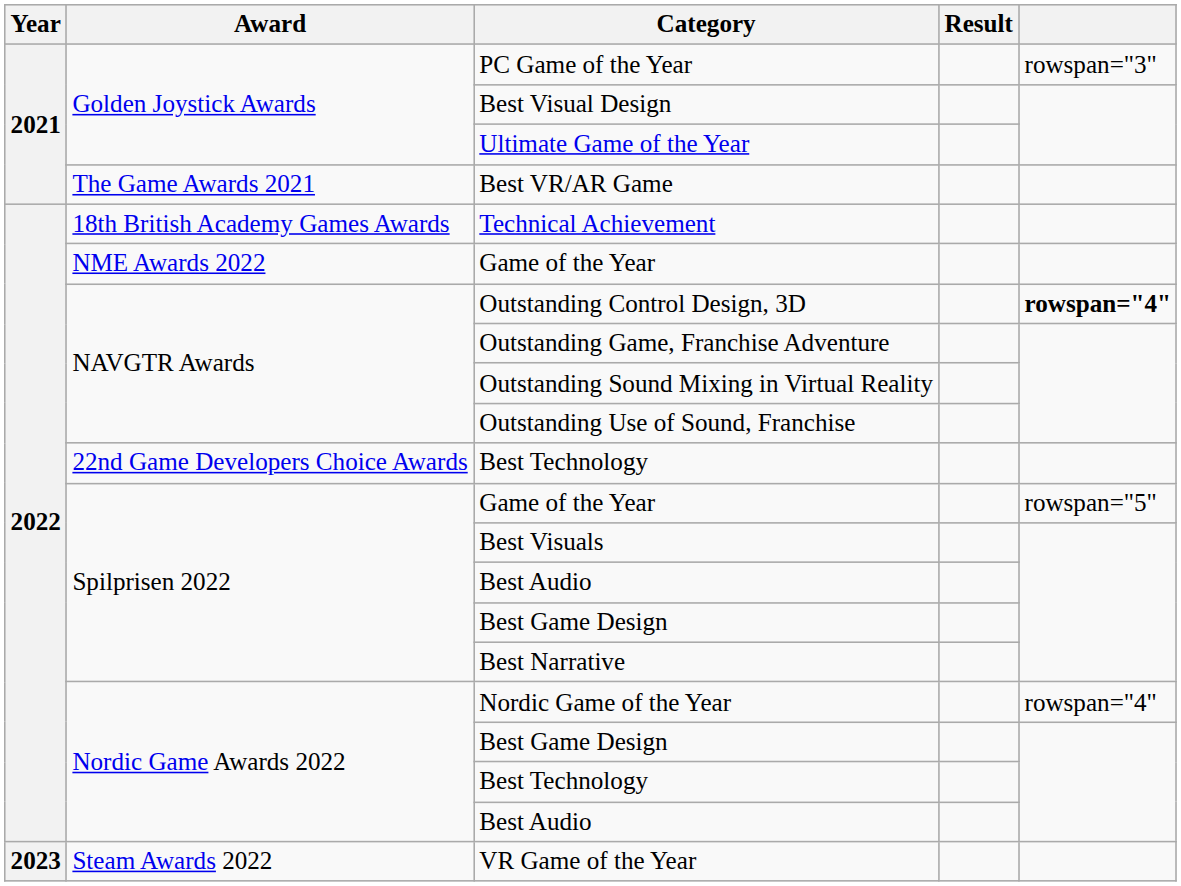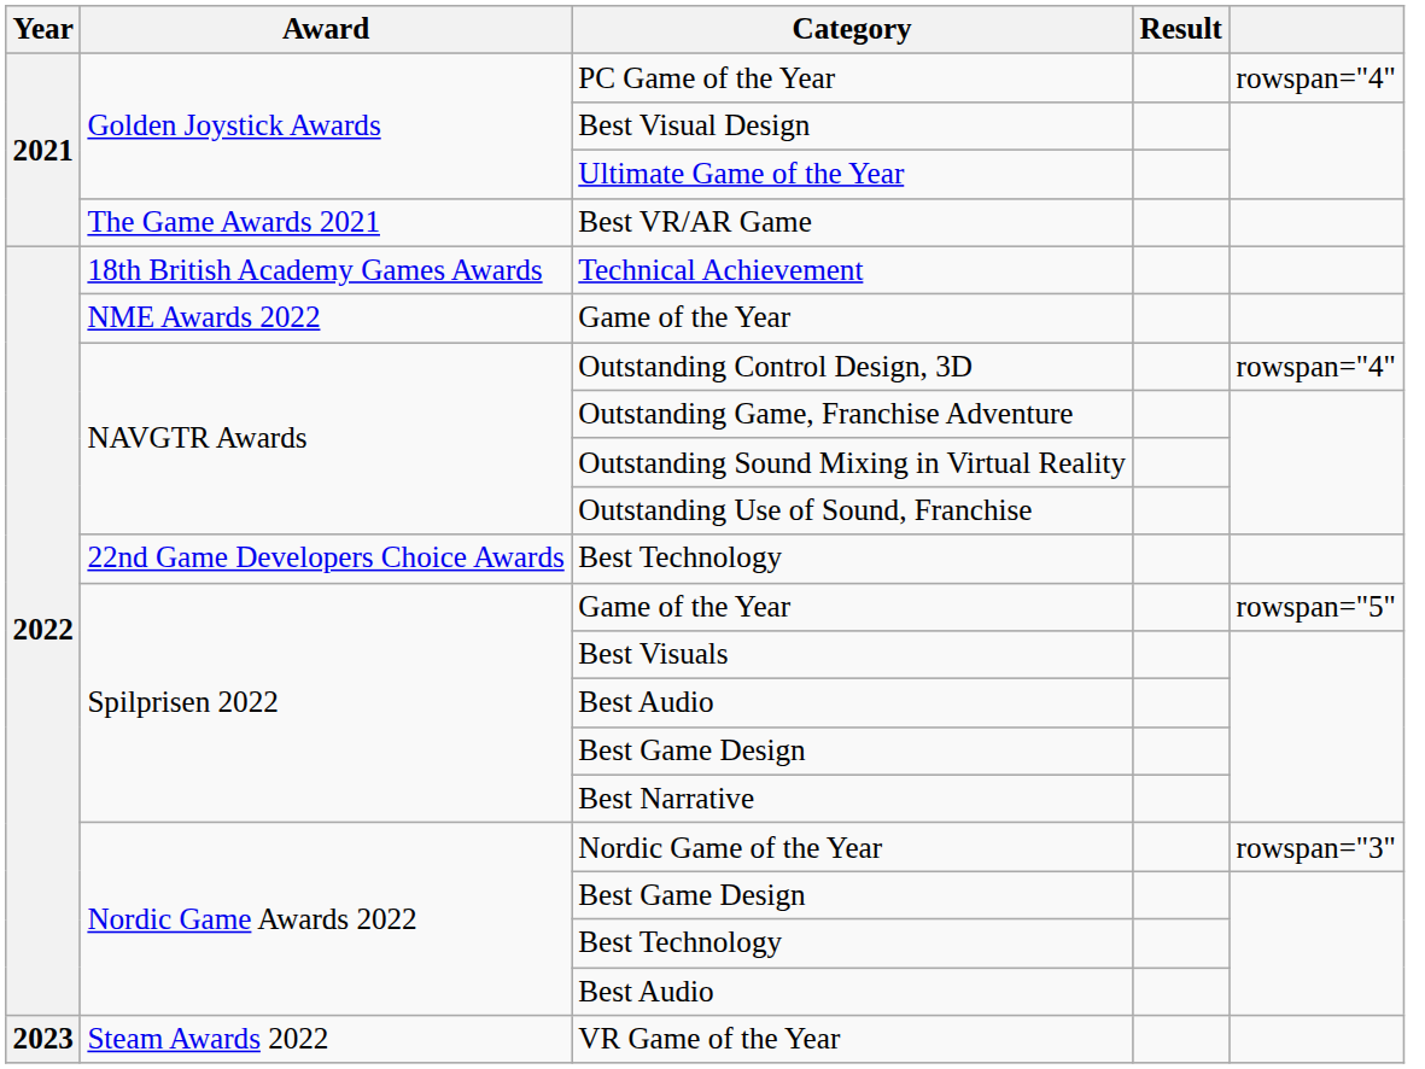 <table class="wikitable sortable plainrowheaders">
 <tr>
 <th scope="col">Year</th>
 <th scope="col">Award</th>
 <th scope="col">Category</th>
 <th scope="col">Result</th>
 <th scope="col"></th>
 </tr>
 <tr>
 <th scope="row" rowspan="4">2021</th>
 <td rowspan="3"><a href='#'>Golden Joystick Awards</a></td>
 <td>PC Game of the Year</td>
 <td></td>
-<td>rowspan="3" </td>
+<td>rowspan="4" </td>
 </tr>
 <tr>
 <td>Best Visual Design</td>
 <td></td>
 </tr>
 <tr>
 <td><a href='#'>Ultimate Game of the Year</a></td>
 <td></td>
 </tr>
 <tr>
 <td><a href='#'>The Game Awards 2021</a></td>
 <td>Best VR/AR Game</td>
 <td></td>
 <td></td>
 </tr>
 <tr>
 <th scope="row" rowspan="16">2022</th>
 <td><a href='#'>18th British Academy Games Awards</a></td>
 <td><a href='#'>Technical Achievement</a></td>
 <td></td>
 <td></td>
 </tr>
 <tr>
 <td><a href='#'>NME Awards 2022</a></td>
 <td>Game of the Year</td>
 <td></td>
 <td></td>
 </tr>
 <tr>
 <td rowspan="4">NAVGTR Awards</td>
 <td>Outstanding Control Design, 3D</td>
 <td></td>
-<td><strong>rowspan="4" </strong></td>
+<td>rowspan="4" </td>
 </tr>
 <tr>
 <td>Outstanding Game, Franchise Adventure</td>
 <td></td>
 </tr>
 <tr>
 <td>Outstanding Sound Mixing in Virtual Reality</td>
 <td></td>
 </tr>
 <tr>
 <td>Outstanding Use of Sound, Franchise</td>
 <td></td>
 </tr>
 <tr>
 <td><a href='#'>22nd Game Developers Choice Awards</a></td>
 <td>Best Technology</td>
 <td></td>
 <td></td>
 </tr>
 <tr>
 <td rowspan="5">Spilprisen 2022</td>
 <td>Game of the Year</td>
 <td></td>
 <td>rowspan="5" </td>
 </tr>
 <tr>
 <td>Best Visuals</td>
 <td></td>
 </tr>
 <tr>
 <td>Best Audio</td>
 <td></td>
 </tr>
 <tr>
 <td>Best Game Design</td>
 <td></td>
 </tr>
 <tr>
 <td>Best Narrative</td>
 <td></td>
 </tr>
 <tr>
 <td rowspan="4"><a href='#'>Nordic Game</a> Awards 2022</td>
 <td>Nordic Game of the Year</td>
 <td></td>
-<td>rowspan="4" </td>
+<td>rowspan="3" </td>
 </tr>
 <tr>
 <td>Best Game Design</td>
 <td></td>
 </tr>
 <tr>
 <td>Best Technology</td>
 <td></td>
 </tr>
 <tr>
 <td>Best Audio</td>
 <td></td>
 </tr>
 <tr>
 <th scope="row">2023</th>
 <td><a href='#'>Steam Awards</a> 2022</td>
 <td>VR Game of the Year</td>
 <td></td>
 <td></td>
 </tr>
 </table>
